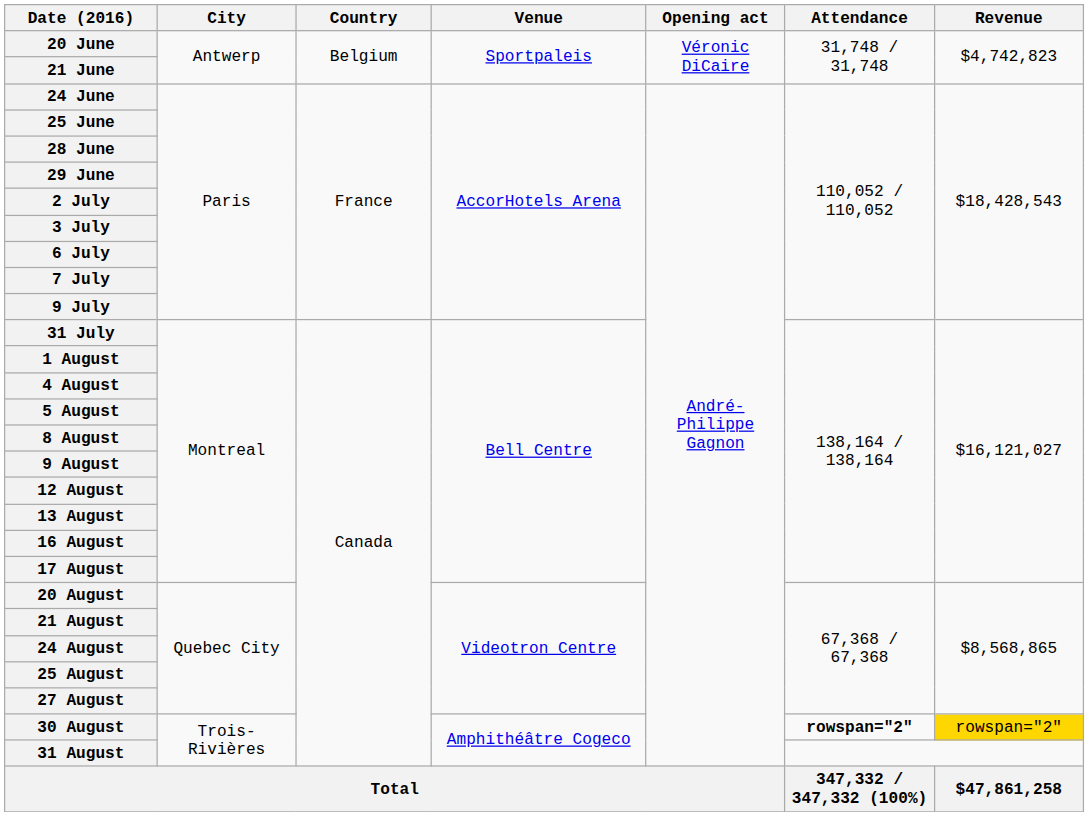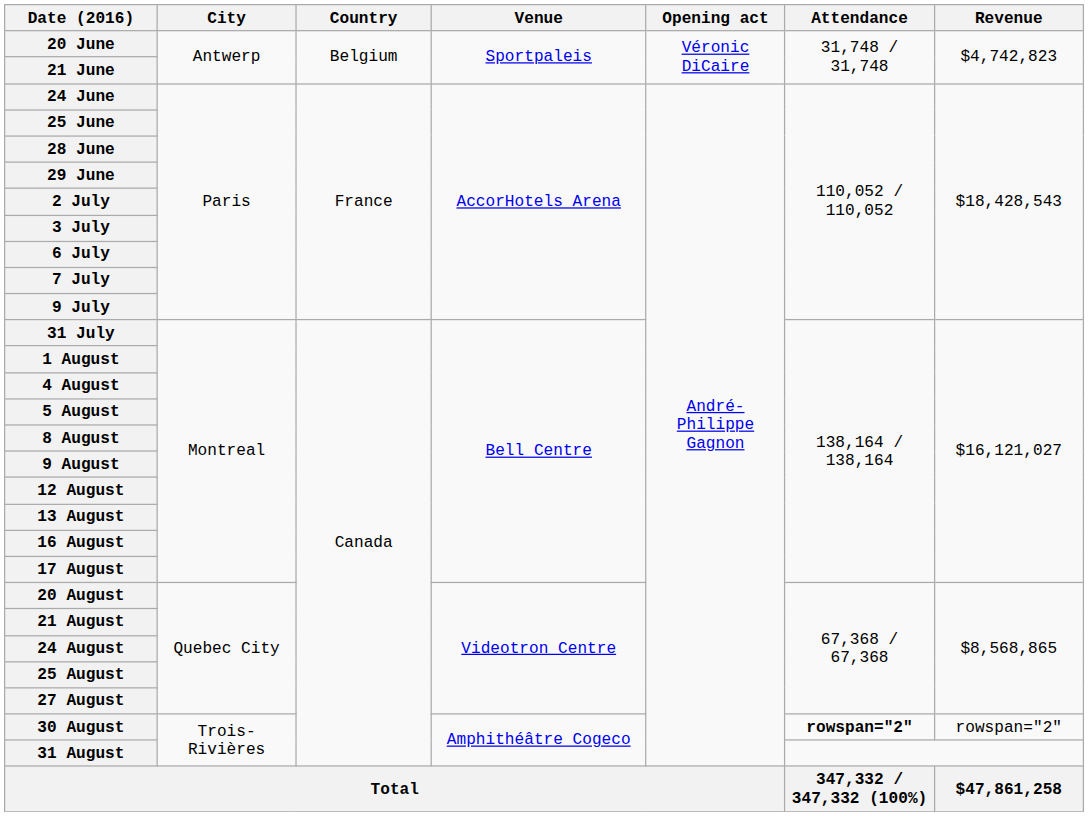 <table class="wikitable plainrowheaders" style="text-align:center;">
 <tr>
 <th scope="col" style="width:12em;">Date (2016)</th>
 <th scope="col" style="width:10em;">City</th>
 <th scope="col" style="width:10em;">Country</th>
 <th scope="col" style="width:16em;">Venue</th>
 <th scope="col" style="width:10em;">Opening act</th>
 <th scope="col" style="width:10em;">Attendance</th>
 <th scope="col" style="width:10em;">Revenue</th>
 </tr>
 <tr>
 <th scope="row" style="text-align:center;">20 June</th>
 <td rowspan="2">Antwerp</td>
 <td rowspan="2">Belgium</td>
 <td rowspan="2"><a href='#'>Sportpaleis</a></td>
 <td rowspan="2"><a href='#'>Véronic DiCaire</a></td>
 <td rowspan="2">31,748 / 31,748</td>
 <td rowspan="2">$4,742,823</td>
 </tr>
 <tr>
 <th scope="row" style="text-align:center;">21 June</th>
 </tr>
 <tr>
 <th scope="row" style="text-align:center;">24 June</th>
 <td rowspan="9">Paris</td>
 <td rowspan="9">France</td>
 <td rowspan="9"><a href='#'>AccorHotels Arena</a></td>
 <td rowspan="26"><a href='#'>André-Philippe Gagnon</a></td>
 <td rowspan="9">110,052 / 110,052</td>
 <td rowspan="9">$18,428,543</td>
 </tr>
 <tr>
 <th scope="row" style="text-align:center;">25 June</th>
 </tr>
 <tr>
 <th scope="row" style="text-align:center;">28 June</th>
 </tr>
 <tr>
 <th scope="row" style="text-align:center;">29 June</th>
 </tr>
 <tr>
 <th scope="row" style="text-align:center;">2 July</th>
 </tr>
 <tr>
 <th scope="row" style="text-align:center;">3 July</th>
 </tr>
 <tr>
 <th scope="row" style="text-align:center;">6 July</th>
 </tr>
 <tr>
 <th scope="row" style="text-align:center;">7 July</th>
 </tr>
 <tr>
 <th scope="row" style="text-align:center;">9 July</th>
 </tr>
 <tr>
 <th scope="row" style="text-align:center;">31 July</th>
 <td rowspan="10">Montreal</td>
 <td rowspan="17">Canada</td>
 <td rowspan="10"><a href='#'>Bell Centre</a></td>
 <td rowspan="10">138,164 / 138,164</td>
 <td rowspan="10">$16,121,027</td>
 </tr>
 <tr>
 <th scope="row" style="text-align:center;">1 August</th>
 </tr>
 <tr>
 <th scope="row" style="text-align:center;">4 August</th>
 </tr>
 <tr>
 <th scope="row" style="text-align:center;">5 August</th>
 </tr>
 <tr>
 <th scope="row" style="text-align:center;">8 August</th>
 </tr>
 <tr>
 <th scope="row" style="text-align:center;">9 August</th>
 </tr>
 <tr>
 <th scope="row" style="text-align:center;">12 August</th>
 </tr>
 <tr>
 <th scope="row" style="text-align:center;">13 August</th>
 </tr>
 <tr>
 <th scope="row" style="text-align:center;">16 August</th>
 </tr>
 <tr>
 <th scope="row" style="text-align:center;">17 August</th>
 </tr>
 <tr>
 <th scope="row" style="text-align:center;">20 August</th>
 <td rowspan="5">Quebec City</td>
 <td rowspan="5"><a href='#'>Videotron Centre</a></td>
 <td rowspan="5">67,368 / 67,368</td>
 <td rowspan="5">$8,568,865</td>
 </tr>
 <tr>
 <th scope="row" style="text-align:center;">21 August</th>
 </tr>
 <tr>
 <th scope="row" style="text-align:center;">24 August</th>
 </tr>
 <tr>
 <th scope="row" style="text-align:center;">25 August</th>
 </tr>
 <tr>
 <th scope="row" style="text-align:center;">27 August</th>
 </tr>
 <tr>
 <th scope="row" style="text-align:center;">30 August</th>
 <td rowspan="2">Trois-Rivières</td>
 <td rowspan="2"><a href='#'>Amphithéâtre Cogeco</a></td>
 <td><strong>rowspan="2" </strong></td>
-<td style="background: gold;">rowspan="2" </td>
+<td>rowspan="2" </td>
 </tr>
 <tr>
 <th scope="row" style="text-align:center;">31 August</th>
 </tr>
 <tr>
 <th colspan="5">Total</th>
 <th scope="row" style="text-align:center;"><strong>347,332 / 347,332 (100%)</strong></th>
 <th scope="row" style="text-align:center;"><strong>$47,861,258</strong></th>
 </tr>
 </table>
